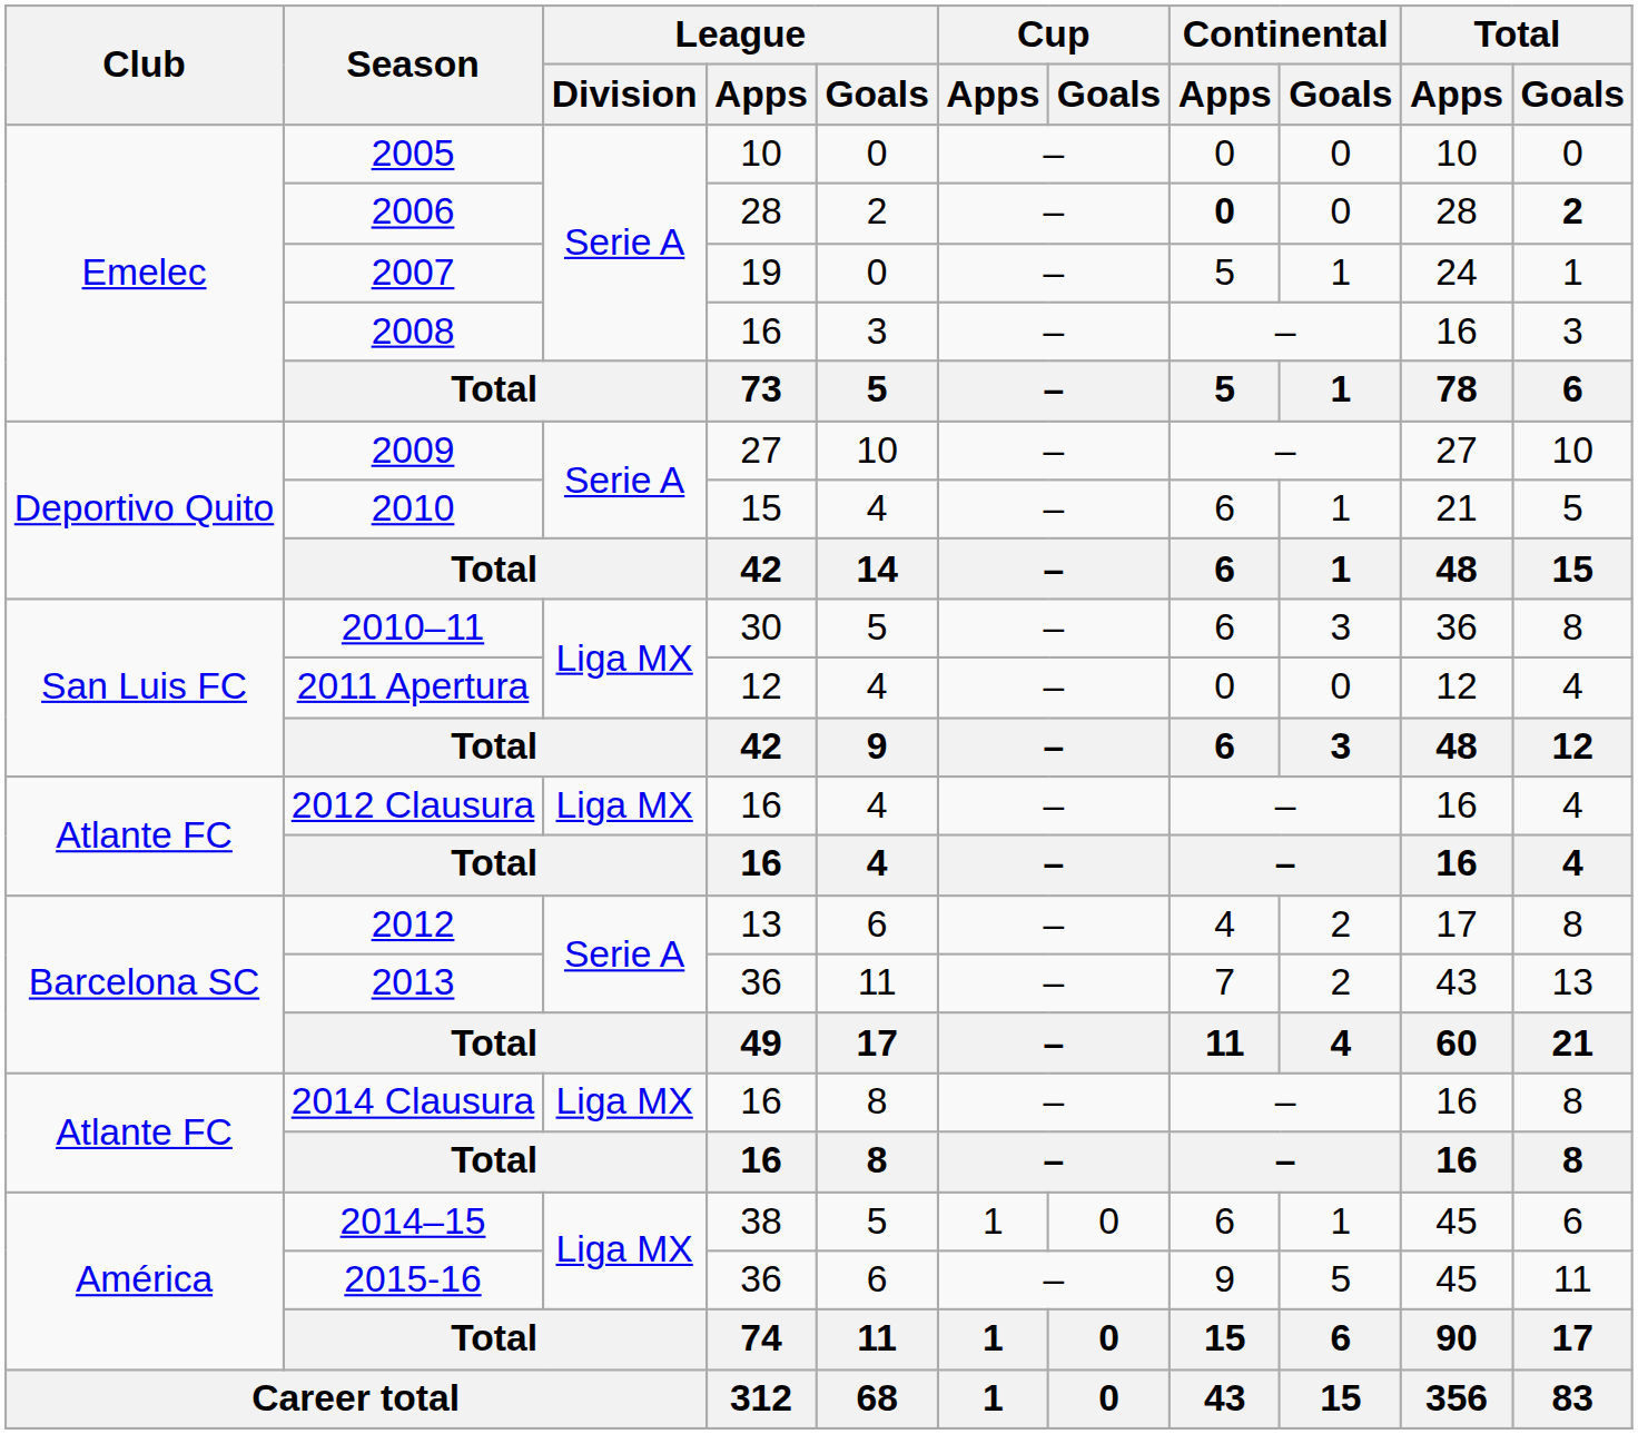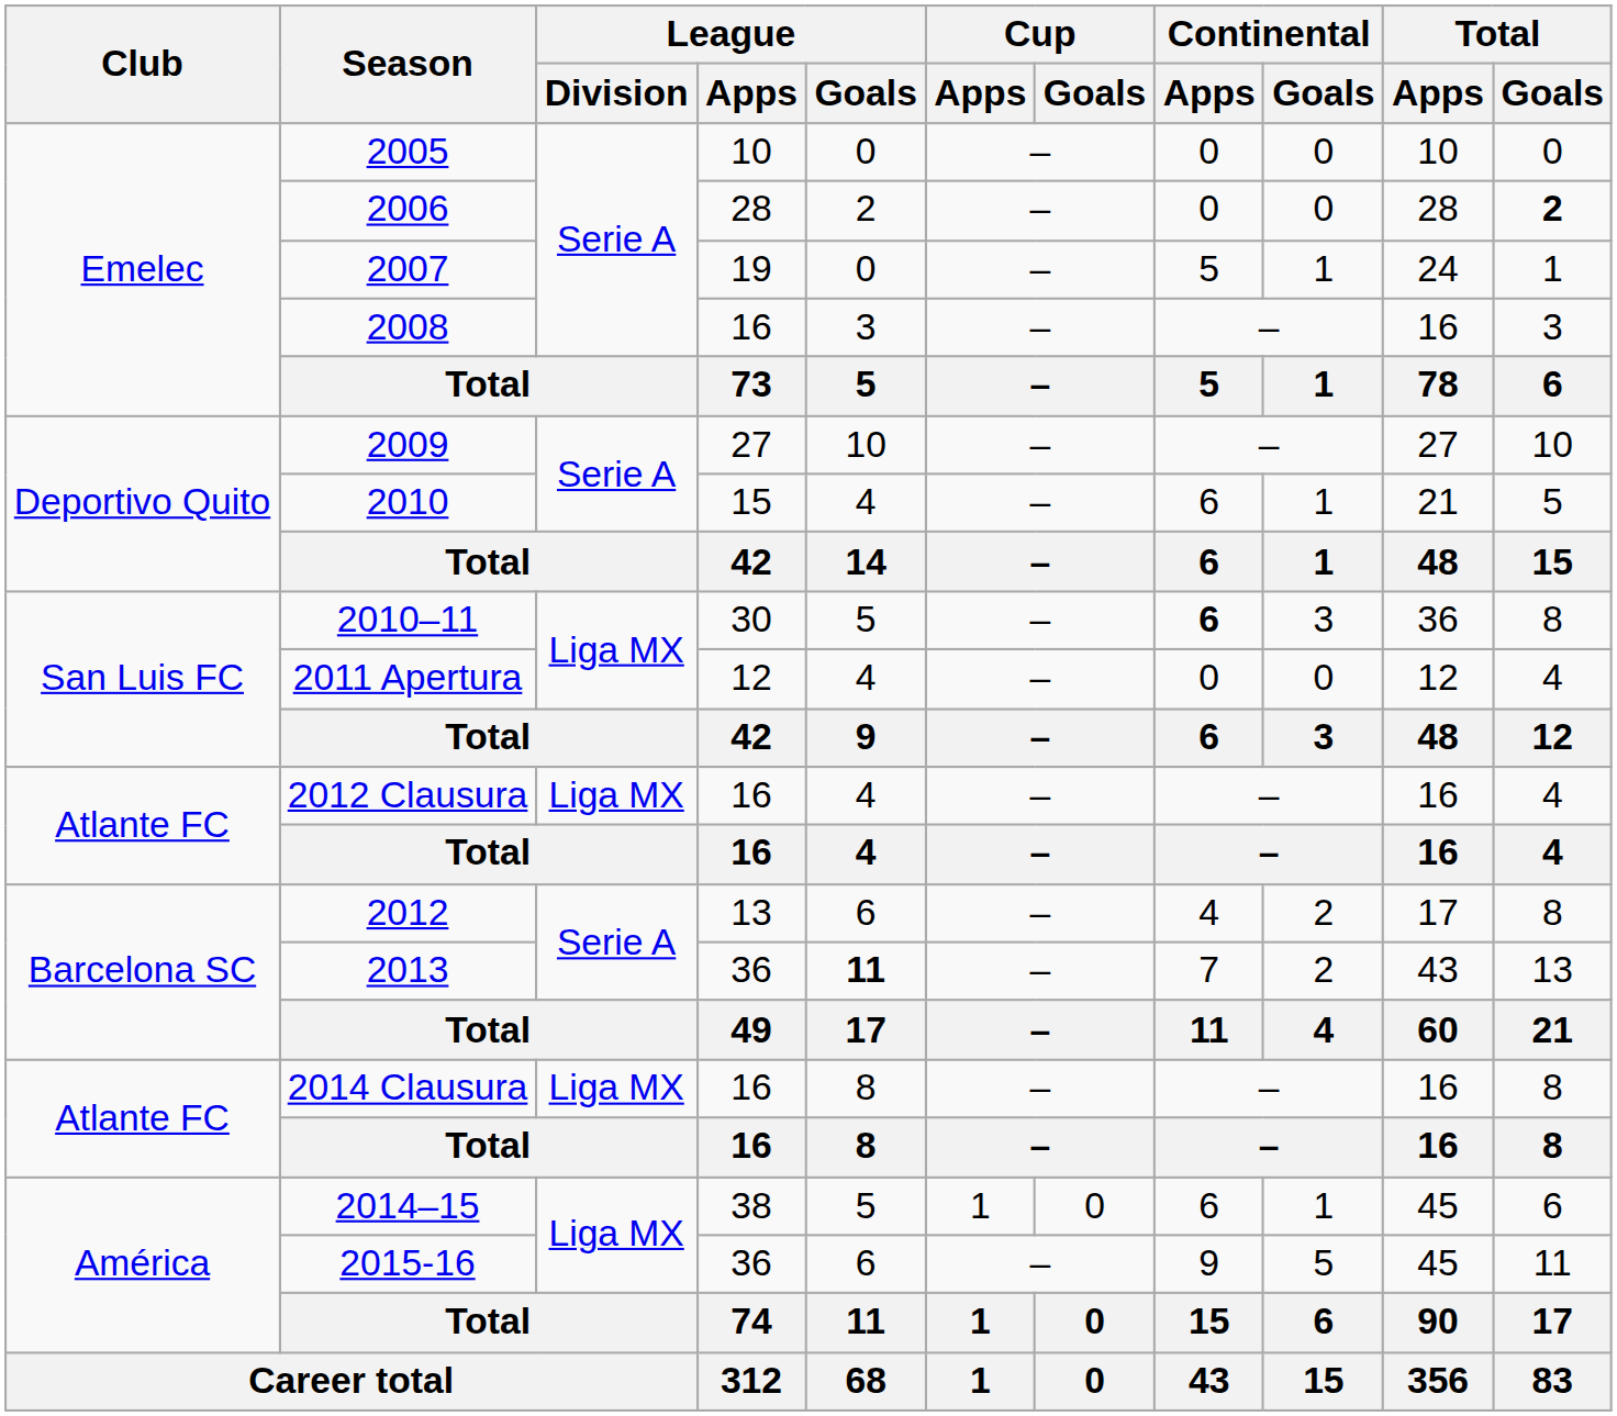 <table class="wikitable" style="text-align: center;">
 <tr>
 <th rowspan="2">Club</th>
 <th rowspan="2">Season</th>
 <th colspan="3">League</th>
 <th colspan="2">Cup</th>
 <th colspan="2">Continental</th>
 <th colspan="2">Total</th>
 </tr>
 <tr>
 <th>Division</th>
 <th>Apps</th>
 <th>Goals</th>
 <th>Apps</th>
 <th>Goals</th>
 <th>Apps</th>
 <th>Goals</th>
 <th>Apps</th>
 <th>Goals</th>
 </tr>
 <tr>
 <td rowspan="5"><a href='#'>Emelec</a></td>
 <td><a href='#'>2005</a></td>
 <td rowspan="4"><a href='#'>Serie A</a></td>
 <td>10</td>
 <td>0</td>
 <td colspan="2">–</td>
 <td>0</td>
 <td>0</td>
 <td>10</td>
 <td>0</td>
 </tr>
 <tr>
 <td><a href='#'>2006</a></td>
 <td>28</td>
 <td>2</td>
 <td colspan="2">–</td>
-<td><strong>0</strong></td>
+<td>0</td>
 <td>0</td>
 <td>28</td>
 <td><strong>2</strong></td>
 </tr>
 <tr>
 <td><a href='#'>2007</a></td>
 <td>19</td>
 <td>0</td>
 <td colspan="2">–</td>
 <td>5</td>
 <td>1</td>
 <td>24</td>
 <td>1</td>
 </tr>
 <tr>
 <td><a href='#'>2008</a></td>
 <td>16</td>
 <td>3</td>
 <td colspan="2">–</td>
 <td colspan="2">–</td>
 <td>16</td>
 <td>3</td>
 </tr>
 <tr>
 <th colspan="2">Total</th>
 <th>73</th>
 <th>5</th>
 <th colspan="2">–</th>
 <th>5</th>
 <th>1</th>
 <th>78</th>
 <th>6</th>
 </tr>
 <tr>
 <td rowspan="3"><a href='#'>Deportivo Quito</a></td>
 <td><a href='#'>2009</a></td>
 <td rowspan="2"><a href='#'>Serie A</a></td>
 <td>27</td>
 <td>10</td>
 <td colspan="2">–</td>
 <td colspan="2">–</td>
 <td>27</td>
 <td>10</td>
 </tr>
 <tr>
 <td><a href='#'>2010</a></td>
 <td>15</td>
 <td>4</td>
 <td colspan="2">–</td>
 <td>6</td>
 <td>1</td>
 <td>21</td>
 <td>5</td>
 </tr>
 <tr>
 <th colspan="2">Total</th>
 <th>42</th>
 <th>14</th>
 <th colspan="2">–</th>
 <th>6</th>
 <th>1</th>
 <th>48</th>
 <th>15</th>
 </tr>
 <tr>
 <td rowspan="3"><a href='#'>San Luis FC</a></td>
 <td><a href='#'>2010–11</a></td>
 <td rowspan="2"><a href='#'>Liga MX</a></td>
 <td>30</td>
 <td>5</td>
 <td colspan="2">–</td>
-<td>6</td>
+<td><strong>6</strong></td>
 <td>3</td>
 <td>36</td>
 <td>8</td>
 </tr>
 <tr>
 <td><a href='#'>2011 Apertura</a></td>
 <td>12</td>
 <td>4</td>
 <td colspan="2">–</td>
 <td>0</td>
 <td>0</td>
 <td>12</td>
 <td>4</td>
 </tr>
 <tr>
 <th colspan="2">Total</th>
 <th>42</th>
 <th>9</th>
 <th colspan="2">–</th>
 <th>6</th>
 <th>3</th>
 <th>48</th>
 <th>12</th>
 </tr>
 <tr>
 <td rowspan="2"><a href='#'>Atlante FC</a></td>
 <td><a href='#'>2012 Clausura</a></td>
 <td><a href='#'>Liga MX</a></td>
 <td>16</td>
 <td>4</td>
 <td colspan="2">–</td>
 <td colspan="2">–</td>
 <td>16</td>
 <td>4</td>
 </tr>
 <tr>
 <th colspan="2">Total</th>
 <th>16</th>
 <th>4</th>
 <th colspan="2">–</th>
 <th colspan="2">–</th>
 <th>16</th>
 <th>4</th>
 </tr>
 <tr>
 <td rowspan="3"><a href='#'>Barcelona SC</a></td>
 <td><a href='#'>2012</a></td>
 <td rowspan="2"><a href='#'>Serie A</a></td>
 <td>13</td>
 <td>6</td>
 <td colspan="2">–</td>
 <td>4</td>
 <td>2</td>
 <td>17</td>
 <td>8</td>
 </tr>
 <tr>
 <td><a href='#'>2013</a></td>
 <td>36</td>
-<td>11</td>
+<td><strong>11</strong></td>
 <td colspan="2">–</td>
 <td>7</td>
 <td>2</td>
 <td>43</td>
 <td>13</td>
 </tr>
 <tr>
 <th colspan="2">Total</th>
 <th>49</th>
 <th>17</th>
 <th colspan="2">–</th>
 <th>11</th>
 <th>4</th>
 <th>60</th>
 <th>21</th>
 </tr>
 <tr>
 <td rowspan="2"><a href='#'>Atlante FC</a></td>
 <td><a href='#'>2014 Clausura</a></td>
 <td><a href='#'>Liga MX</a></td>
 <td>16</td>
 <td>8</td>
 <td colspan="2">–</td>
 <td colspan="2">–</td>
 <td>16</td>
 <td>8</td>
 </tr>
 <tr>
 <th colspan="2">Total</th>
 <th>16</th>
 <th>8</th>
 <th colspan="2">–</th>
 <th colspan="2">–</th>
 <th>16</th>
 <th>8</th>
 </tr>
 <tr>
 <td rowspan="3"><a href='#'>América</a></td>
 <td><a href='#'>2014–15</a></td>
 <td rowspan="2"><a href='#'>Liga MX</a></td>
 <td>38</td>
 <td>5</td>
 <td>1</td>
 <td>0</td>
 <td>6</td>
 <td>1</td>
 <td>45</td>
 <td>6</td>
 </tr>
 <tr>
 <td><a href='#'>2015-16</a></td>
 <td>36</td>
 <td>6</td>
 <td colspan="2">–</td>
 <td>9</td>
 <td>5</td>
 <td>45</td>
 <td>11</td>
 </tr>
 <tr>
 <th colspan="2">Total</th>
 <th>74</th>
 <th>11</th>
 <th>1</th>
 <th>0</th>
 <th>15</th>
 <th>6</th>
 <th>90</th>
 <th>17</th>
 </tr>
 <tr>
 <th colspan="3">Career total</th>
 <th>312</th>
 <th>68</th>
 <th>1</th>
 <th>0</th>
 <th>43</th>
 <th>15</th>
 <th>356</th>
 <th>83</th>
 </tr>
 </table>
